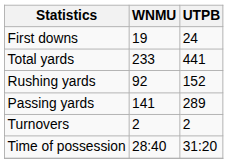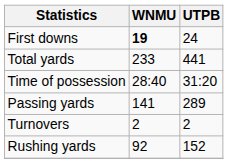 <table class="wikitable" style="float: left;">
 <tr>
 <th>Statistics</th>
 <th>WNMU</th>
 <th>UTPB</th>
 </tr>
 <tr>
 <td>First downs</td>
-<td>19</td>
+<td><strong>19</strong></td>
 <td>24</td>
 </tr>
 <tr>
 <td>Total yards</td>
 <td>233</td>
 <td>441</td>
 </tr>
 <tr>
-<td>Rushing yards</td>
-<td>92</td>
-<td>152</td>
+<td>Time of possession</td>
+<td>28:40</td>
+<td>31:20</td>
 </tr>
 <tr>
 <td>Passing yards</td>
 <td>141</td>
 <td>289</td>
 </tr>
 <tr>
 <td>Turnovers</td>
 <td>2</td>
 <td>2</td>
 </tr>
 <tr>
-<td>Time of possession</td>
-<td>28:40</td>
-<td>31:20</td>
+<td>Rushing yards</td>
+<td>92</td>
+<td>152</td>
 </tr>
 <tr>
 </tr>
 </table>
